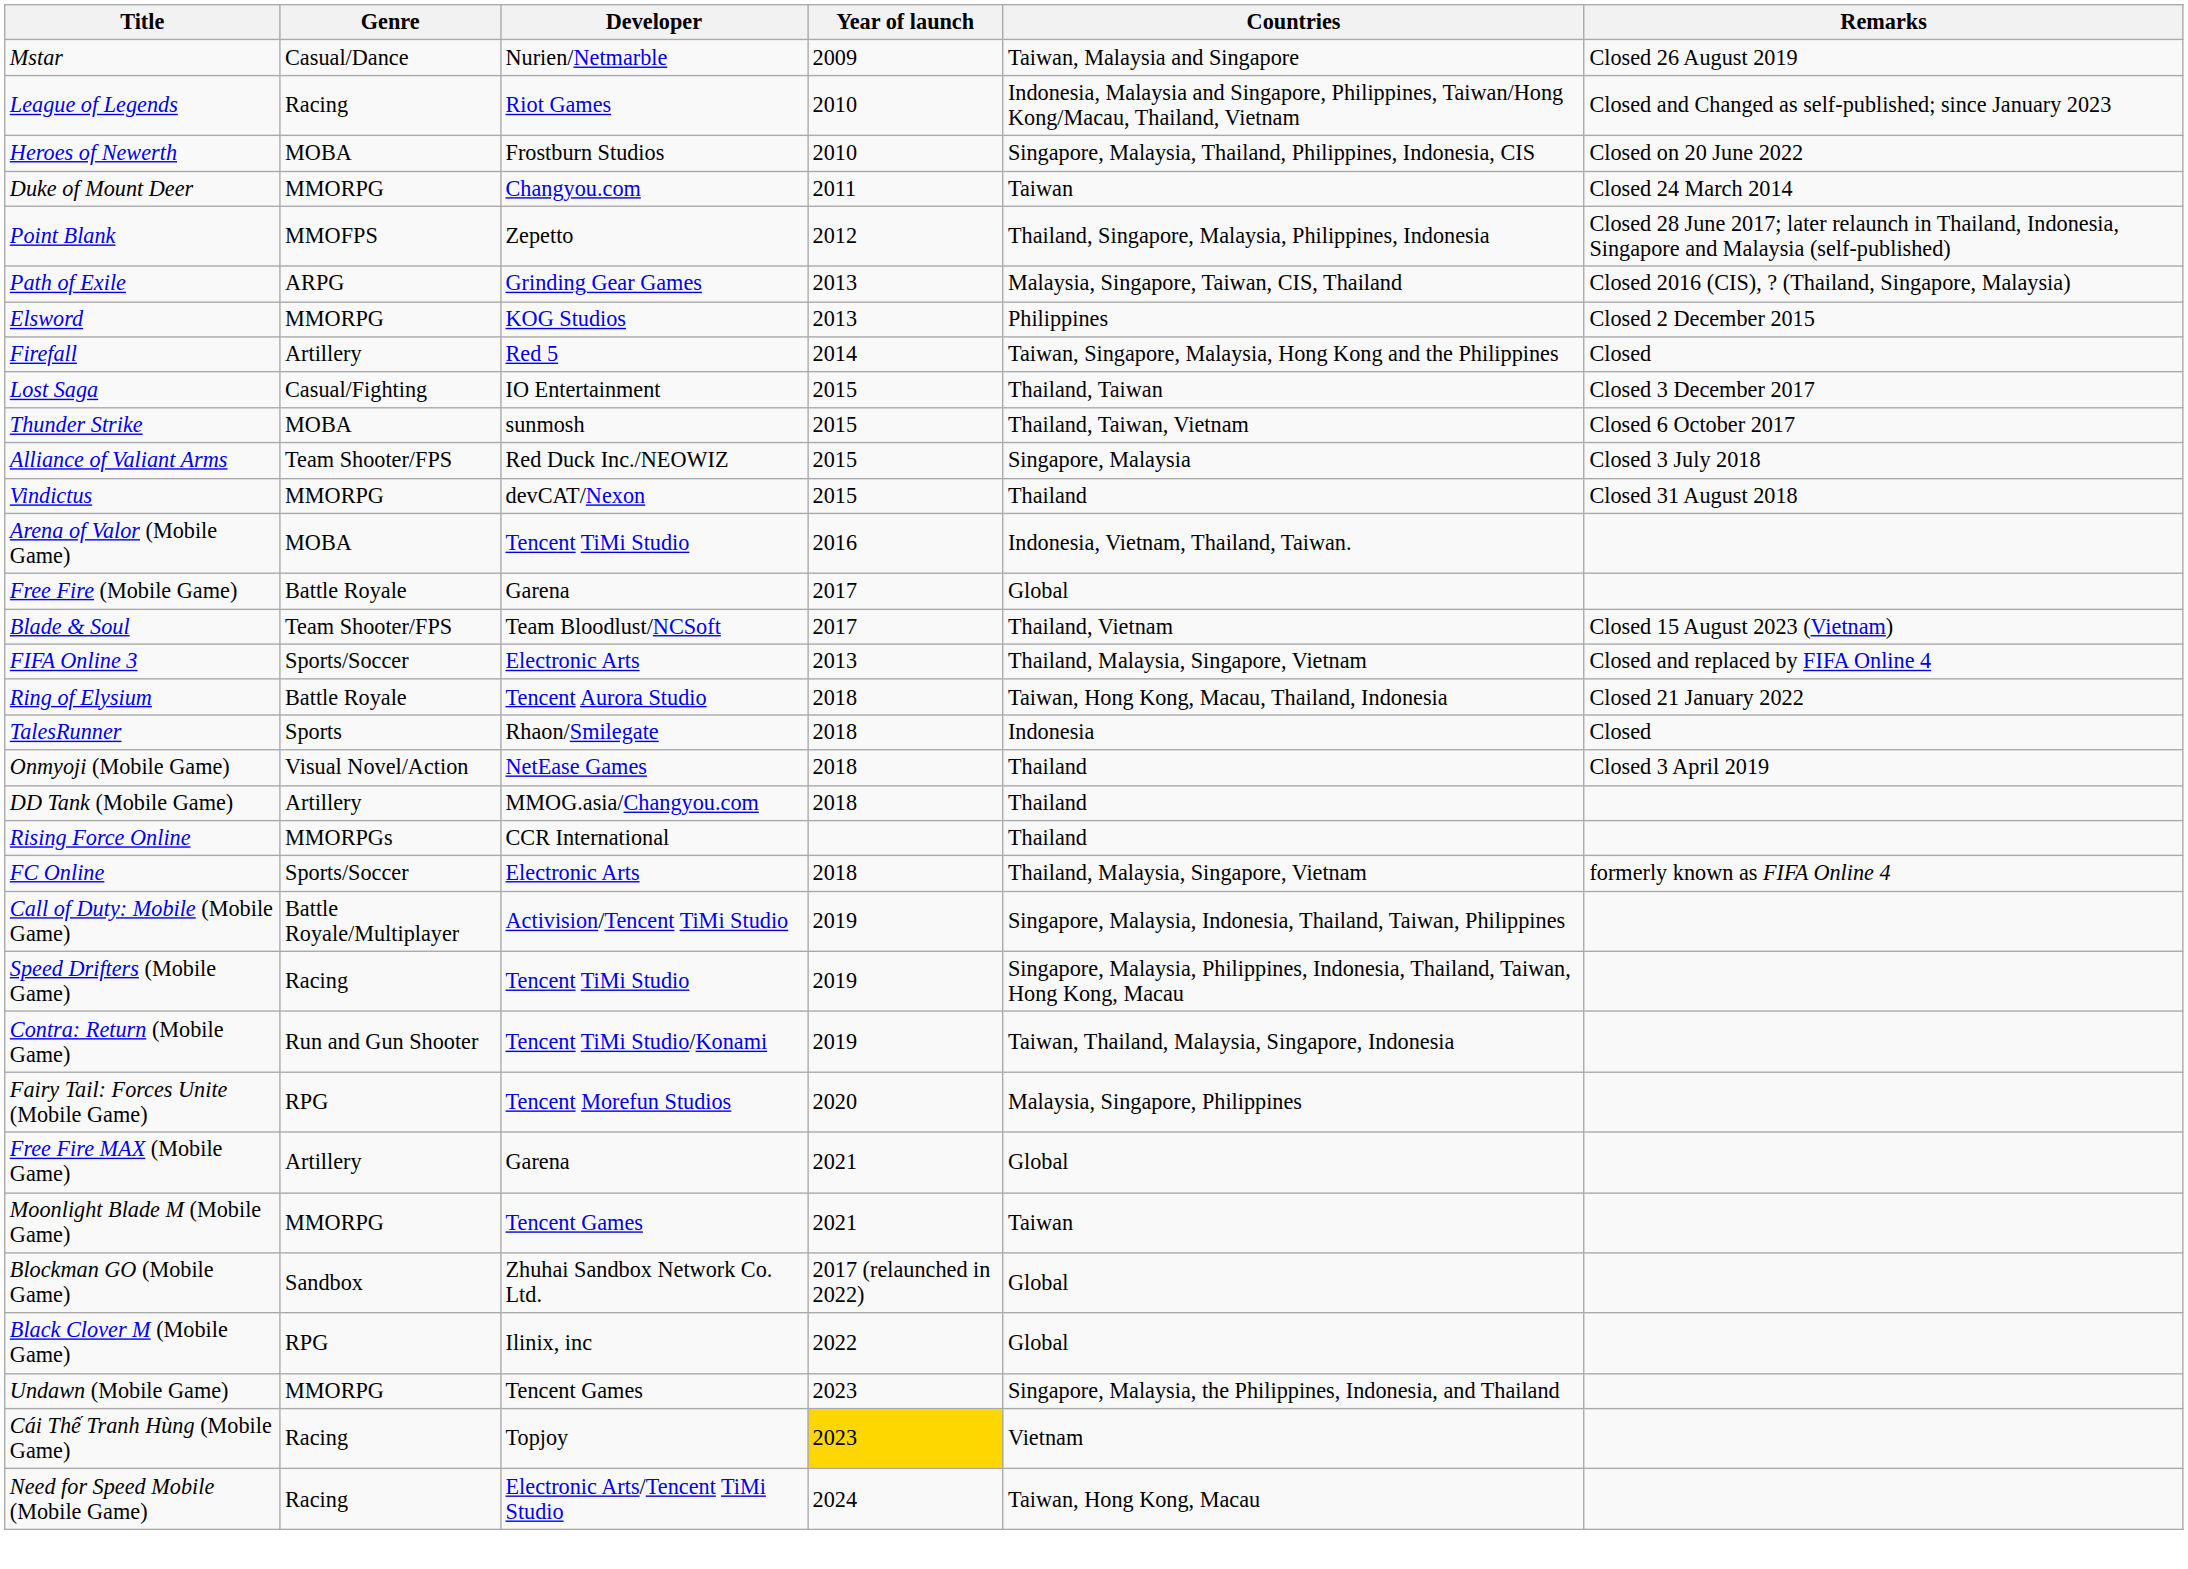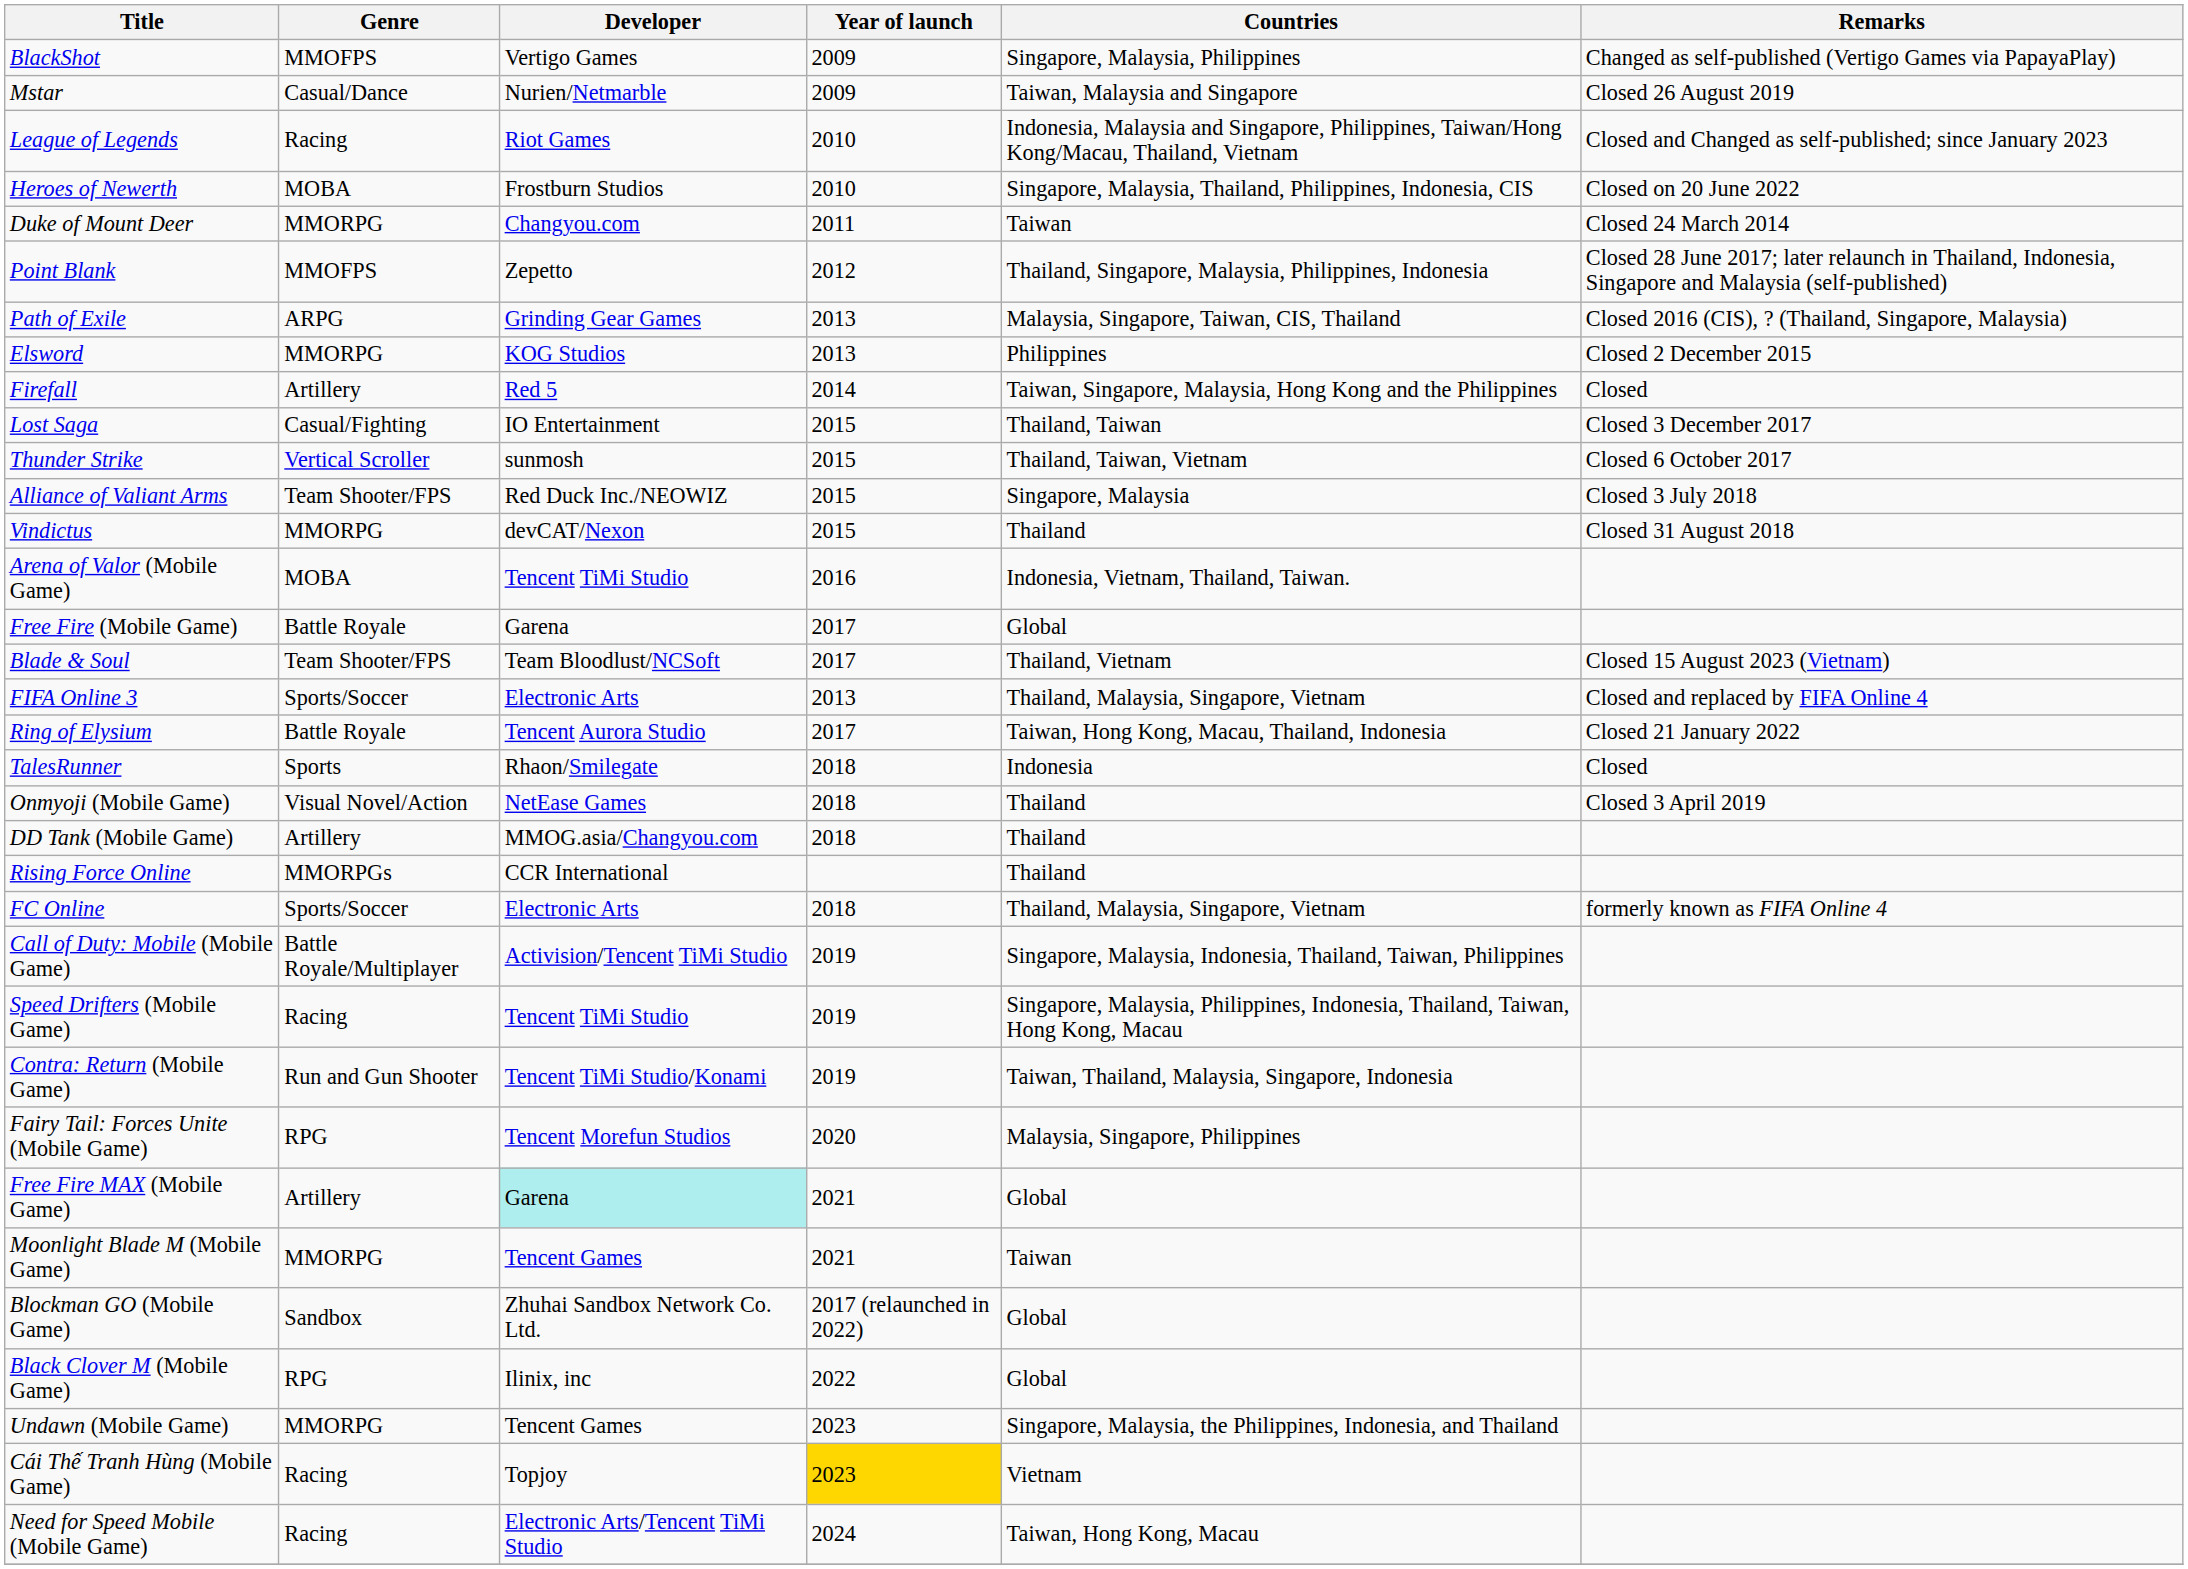 <table class="wikitable sortable" style="align:left">
 <tr>
 <th>Title</th>
 <th>Genre</th>
 <th>Developer</th>
 <th>Year of launch</th>
 <th class=unsortable>Countries</th>
 <th class=unsortable>Remarks</th>
+</tr>
+<tr>
+<td><em><a href='#'>BlackShot</a></em></td>
+<td>MMOFPS</td>
+<td>Vertigo Games</td>
+<td>2009</td>
+<td>Singapore, Malaysia, Philippines</td>
+<td>Changed as self-published (Vertigo Games via PapayaPlay)</td>
 </tr>
 <tr>
 <td><em>Mstar</em></td>
 <td>Casual/Dance</td>
 <td>Nurien/<a href='#'>Netmarble</a></td>
 <td>2009</td>
 <td>Taiwan, Malaysia and Singapore</td>
 <td>Closed 26 August 2019</td>
 </tr>
 <tr>
 <td><em><a href='#'>League of Legends</a></em></td>
 <td>Racing</td>
 <td><a href='#'>Riot Games</a></td>
 <td>2010</td>
 <td>Indonesia, Malaysia and Singapore, Philippines, Taiwan/Hong Kong/Macau, Thailand, Vietnam</td>
 <td>Closed and Changed as self-published; since January 2023</td>
 </tr>
 <tr>
 <td><em><a href='#'>Heroes of Newerth</a></em></td>
 <td>MOBA</td>
 <td>Frostburn Studios</td>
 <td>2010</td>
 <td>Singapore, Malaysia, Thailand, Philippines, Indonesia, CIS</td>
 <td>Closed on 20 June 2022</td>
 </tr>
 <tr>
 <td><em>Duke of Mount Deer</em></td>
 <td>MMORPG</td>
 <td><a href='#'>Changyou.com</a></td>
 <td>2011</td>
 <td>Taiwan</td>
 <td>Closed 24 March 2014</td>
 </tr>
 <tr>
 <td><em><a href='#'>Point Blank</a></em></td>
 <td>MMOFPS</td>
 <td>Zepetto</td>
 <td>2012</td>
 <td>Thailand, Singapore, Malaysia, Philippines, Indonesia</td>
 <td>Closed 28 June 2017; later relaunch in Thailand, Indonesia, Singapore and Malaysia (self-published)</td>
 </tr>
 <tr>
 <td><em><a href='#'>Path of Exile</a></em></td>
 <td>ARPG</td>
 <td><a href='#'>Grinding Gear Games</a></td>
 <td>2013</td>
 <td>Malaysia, Singapore, Taiwan, CIS, Thailand</td>
 <td>Closed 2016 (CIS), ? (Thailand, Singapore, Malaysia)</td>
 </tr>
 <tr>
 <td><em><a href='#'>Elsword</a></em></td>
 <td>MMORPG</td>
 <td><a href='#'>KOG Studios</a></td>
 <td>2013</td>
 <td>Philippines</td>
 <td>Closed 2 December 2015</td>
 </tr>
 <tr>
 <td><em><a href='#'>Firefall</a></em></td>
 <td>Artillery</td>
 <td><a href='#'>Red 5</a></td>
 <td>2014</td>
 <td>Taiwan, Singapore, Malaysia, Hong Kong and the Philippines</td>
 <td>Closed</td>
 </tr>
 <tr>
 <td><em><a href='#'>Lost Saga</a></em></td>
 <td>Casual/Fighting</td>
 <td>IO Entertainment</td>
 <td>2015</td>
 <td>Thailand, Taiwan</td>
 <td>Closed 3 December 2017</td>
 </tr>
 <tr>
 <td><em><a href='#'>Thunder Strike</a></em></td>
-<td>MOBA</td>
+<td><a href='#'>Vertical Scroller</a></td>
 <td>sunmosh</td>
 <td>2015</td>
 <td>Thailand, Taiwan, Vietnam</td>
 <td>Closed 6 October 2017</td>
 </tr>
 <tr>
 <td><em><a href='#'>Alliance of Valiant Arms</a></em></td>
 <td>Team Shooter/FPS</td>
 <td>Red Duck Inc./NEOWIZ</td>
 <td>2015</td>
 <td>Singapore, Malaysia</td>
 <td>Closed 3 July 2018</td>
 </tr>
 <tr>
 <td><em><a href='#'>Vindictus</a></em></td>
 <td>MMORPG</td>
 <td>devCAT/<a href='#'>Nexon</a></td>
 <td>2015</td>
 <td>Thailand</td>
 <td>Closed 31 August 2018</td>
 </tr>
 <tr>
 <td><em><a href='#'>Arena of Valor</a></em> (Mobile Game)</td>
 <td>MOBA</td>
 <td><a href='#'>Tencent</a> <a href='#'>TiMi Studio</a></td>
 <td>2016</td>
 <td>Indonesia, Vietnam, Thailand, Taiwan.</td>
 <td></td>
 </tr>
 <tr>
 <td><em><a href='#'>Free Fire</a></em> (Mobile Game)</td>
 <td>Battle Royale</td>
 <td>Garena</td>
 <td>2017</td>
 <td>Global</td>
 <td></td>
 </tr>
 <tr>
 <td><em><a href='#'>Blade & Soul</a></em></td>
 <td>Team Shooter/FPS</td>
 <td>Team Bloodlust/<a href='#'>NCSoft</a></td>
 <td>2017</td>
 <td>Thailand, Vietnam</td>
 <td>Closed 15 August 2023 (<a href='#'>Vietnam</a>)</td>
 </tr>
 <tr>
 <td><em><a href='#'>FIFA Online 3</a></em></td>
 <td>Sports/Soccer</td>
 <td><a href='#'>Electronic Arts</a></td>
 <td>2013</td>
 <td>Thailand, Malaysia, Singapore, Vietnam</td>
 <td>Closed and replaced by <a href='#'>FIFA Online 4</a></td>
 </tr>
 <tr>
 <td><em><a href='#'>Ring of Elysium</a></em></td>
 <td>Battle Royale</td>
 <td><a href='#'>Tencent</a> <a href='#'>Aurora Studio</a></td>
-<td>2018</td>
+<td>2017</td>
 <td>Taiwan, Hong Kong, Macau, Thailand, Indonesia</td>
 <td>Closed 21 January 2022</td>
 </tr>
 <tr>
 <td><em><a href='#'>TalesRunner</a></em></td>
 <td>Sports</td>
 <td>Rhaon/<a href='#'>Smilegate</a></td>
 <td>2018</td>
 <td>Indonesia</td>
 <td>Closed</td>
 </tr>
 <tr>
 <td><em>Onmyoji</em> (Mobile Game)</td>
 <td>Visual Novel/Action</td>
 <td><a href='#'>NetEase Games</a></td>
 <td>2018</td>
 <td>Thailand</td>
 <td>Closed 3 April 2019</td>
 </tr>
 <tr>
 <td><em>DD Tank</em> (Mobile Game)</td>
 <td>Artillery</td>
 <td>MMOG.asia/<a href='#'>Changyou.com</a></td>
 <td>2018</td>
 <td>Thailand</td>
 <td></td>
 </tr>
 <tr>
 <td><em><a href='#'>Rising Force Online</a></em></td>
 <td>MMORPGs</td>
 <td>CCR International</td>
 <td></td>
 <td>Thailand</td>
 <td></td>
 </tr>
 <tr>
 <td><a href='#'><em>FC Online</em></a></td>
 <td>Sports/Soccer</td>
 <td><a href='#'>Electronic Arts</a></td>
 <td>2018</td>
 <td>Thailand, Malaysia, Singapore, Vietnam</td>
 <td>formerly known as <em>FIFA Online 4</em></td>
 </tr>
 <tr>
 <td><em><a href='#'>Call of Duty: Mobile</a></em> (Mobile Game)</td>
 <td>Battle Royale/Multiplayer</td>
 <td><a href='#'>Activision</a>/<a href='#'>Tencent</a> <a href='#'>TiMi Studio</a></td>
 <td>2019</td>
 <td>Singapore, Malaysia, Indonesia, Thailand, Taiwan, Philippines</td>
 <td></td>
 </tr>
 <tr>
 <td><em><a href='#'>Speed Drifters</a></em> (Mobile Game)</td>
 <td>Racing</td>
 <td><a href='#'>Tencent</a> <a href='#'>TiMi Studio</a></td>
 <td>2019</td>
 <td>Singapore, Malaysia, Philippines, Indonesia, Thailand, Taiwan, Hong Kong, Macau</td>
 <td></td>
 </tr>
 <tr>
 <td><em><a href='#'>Contra: Return</a></em> (Mobile Game)</td>
 <td>Run and Gun Shooter</td>
 <td><a href='#'>Tencent</a> <a href='#'>TiMi Studio</a>/<a href='#'>Konami</a></td>
 <td>2019</td>
 <td>Taiwan, Thailand, Malaysia, Singapore, Indonesia</td>
 <td></td>
 </tr>
 <tr>
 <td><em>Fairy Tail: Forces Unite</em> (Mobile Game)</td>
 <td>RPG</td>
 <td><a href='#'>Tencent</a> <a href='#'>Morefun Studios</a></td>
 <td>2020</td>
 <td>Malaysia, Singapore, Philippines</td>
 <td></td>
 </tr>
 <tr>
 <td><em><a href='#'>Free Fire MAX</a></em> (Mobile Game)</td>
 <td>Artillery</td>
-<td>Garena</td>
+<td style="background: paleturquoise;">Garena</td>
 <td>2021</td>
 <td>Global</td>
 <td></td>
 </tr>
 <tr>
 <td><em>Moonlight Blade M</em> (Mobile Game)</td>
 <td>MMORPG</td>
 <td><a href='#'>Tencent Games</a></td>
 <td>2021</td>
 <td>Taiwan</td>
 <td></td>
 </tr>
 <tr>
 <td><em>Blockman GO</em> (Mobile Game)</td>
 <td>Sandbox</td>
 <td>Zhuhai Sandbox Network Co. Ltd.</td>
 <td>2017 (relaunched in 2022)</td>
 <td>Global</td>
 <td></td>
 </tr>
 <tr>
 <td><em><a href='#'>Black Clover M</a></em> (Mobile Game)</td>
 <td>RPG</td>
 <td>Ilinix, inc</td>
 <td>2022</td>
 <td>Global</td>
 <td></td>
 </tr>
 <tr>
 <td><em>Undawn</em> (Mobile Game)</td>
 <td>MMORPG</td>
 <td>Tencent Games</td>
 <td>2023</td>
 <td>Singapore, Malaysia, the Philippines, Indonesia, and Thailand</td>
 <td></td>
 </tr>
 <tr>
 <td><em>Cái Thế Tranh Hùng</em> (Mobile Game)</td>
 <td>Racing</td>
 <td>Topjoy</td>
 <td style="background: gold;">2023</td>
 <td>Vietnam</td>
 </tr>
 <tr>
 <td><em>Need for Speed Mobile</em> (Mobile Game)</td>
 <td>Racing</td>
 <td><a href='#'>Electronic Arts</a>/<a href='#'>Tencent</a> <a href='#'>TiMi Studio</a></td>
 <td>2024</td>
 <td>Taiwan, Hong Kong, Macau</td>
 <td></td>
 </tr>
 <tr>
 </tr>
 </table>
